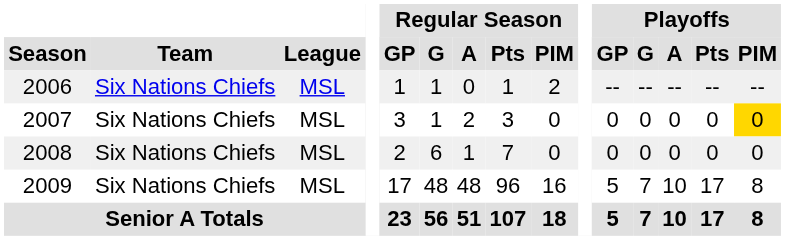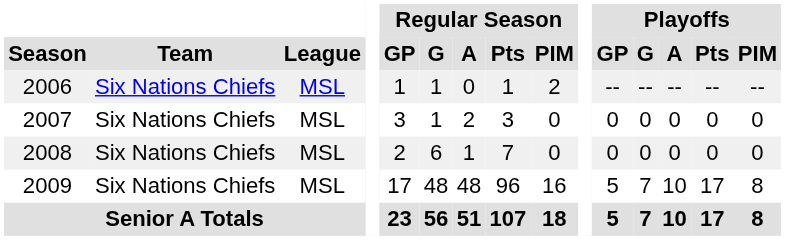 <table BORDER="0" CELLPADDING="3" CELLSPACING="0">
 <tr ALIGN="center" bgcolor="#e0e0e0">
 <th colspan="3" bgcolor="#ffffff"> </th>
 <th rowspan="99" bgcolor="#ffffff"> </th>
 <th colspan="5">Regular Season</th>
 <th rowspan="99" bgcolor="#ffffff"> </th>
 <th colspan="5">Playoffs</th>
 </tr>
 <tr ALIGN="center" bgcolor="#e0e0e0">
 <th>Season</th>
 <th>Team</th>
 <th>League</th>
 <th>GP</th>
 <th>G</th>
 <th>A</th>
 <th>Pts</th>
 <th>PIM</th>
 <th>GP</th>
 <th>G</th>
 <th>A</th>
 <th>Pts</th>
 <th>PIM</th>
 </tr>
 <tr ALIGN="center" bgcolor="#f0f0f0">
 <td>2006</td>
 <td><a href='#'>Six Nations Chiefs</a></td>
 <td><a href='#'>MSL</a></td>
 <td>1</td>
 <td>1</td>
 <td>0</td>
 <td>1</td>
 <td>2</td>
 <td>--</td>
 <td>--</td>
 <td>--</td>
 <td>--</td>
 <td>--</td>
 </tr>
 <tr ALIGN="center">
 <td>2007</td>
 <td>Six Nations Chiefs</td>
 <td>MSL</td>
 <td>3</td>
 <td>1</td>
 <td>2</td>
 <td>3</td>
 <td>0</td>
 <td>0</td>
 <td>0</td>
 <td>0</td>
 <td>0</td>
-<td style="background: gold;">0</td>
+<td>0</td>
 </tr>
 <tr ALIGN="center" bgcolor="#f0f0f0">
 <td>2008</td>
 <td>Six Nations Chiefs</td>
 <td>MSL</td>
 <td>2</td>
 <td>6</td>
 <td>1</td>
 <td>7</td>
 <td>0</td>
 <td>0</td>
 <td>0</td>
 <td>0</td>
 <td>0</td>
 <td>0</td>
 </tr>
 <tr ALIGN="center">
 <td>2009</td>
 <td>Six Nations Chiefs</td>
 <td>MSL</td>
 <td>17</td>
 <td>48</td>
 <td>48</td>
 <td>96</td>
 <td>16</td>
 <td>5</td>
 <td>7</td>
 <td>10</td>
 <td>17</td>
 <td>8</td>
 </tr>
 <tr ALIGN="center" bgcolor="#e0e0e0">
 <th colspan="3">Senior A Totals</th>
 <th>23</th>
 <th>56</th>
 <th>51</th>
 <th>107</th>
 <th>18</th>
 <th>5</th>
 <th>7</th>
 <th>10</th>
 <th>17</th>
 <th>8</th>
 </tr>
 </table>
